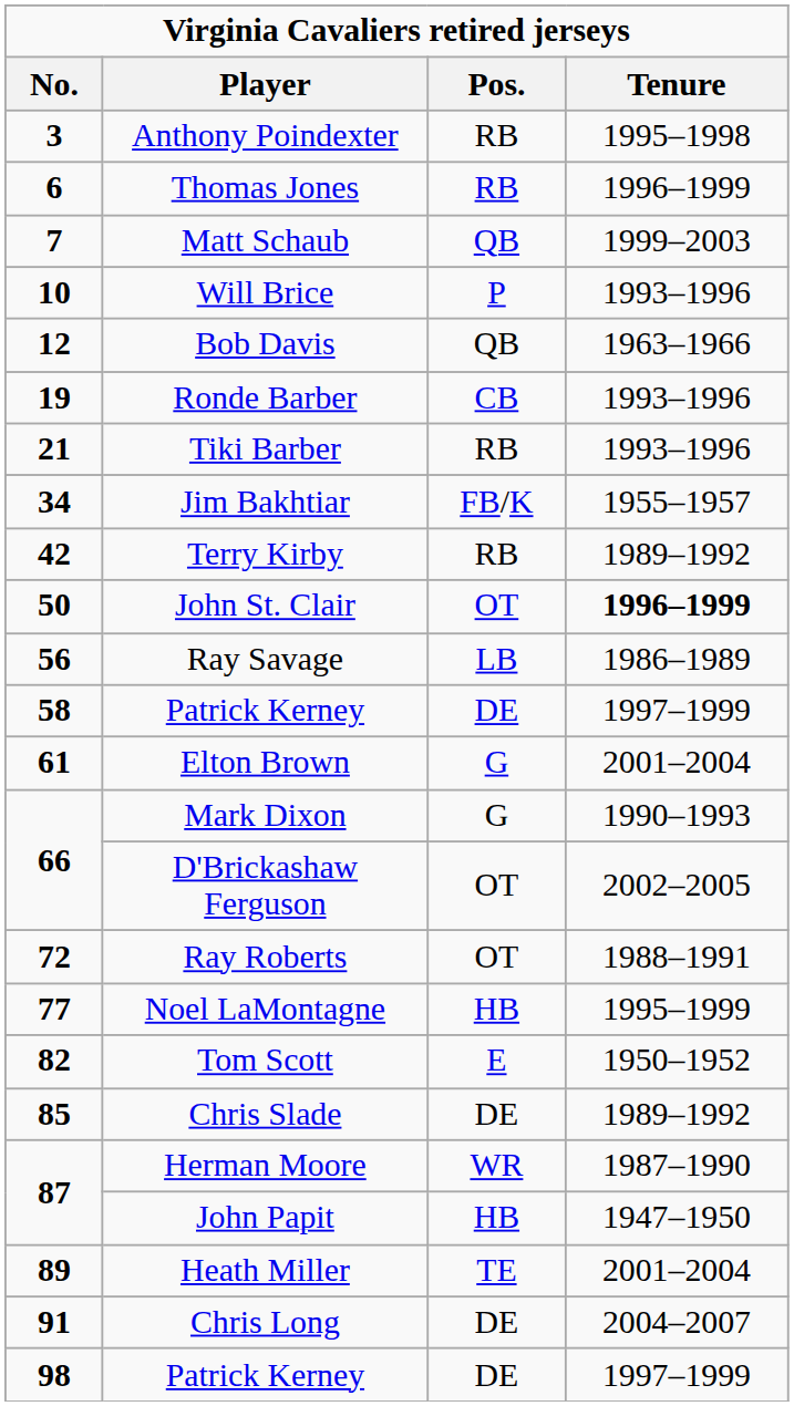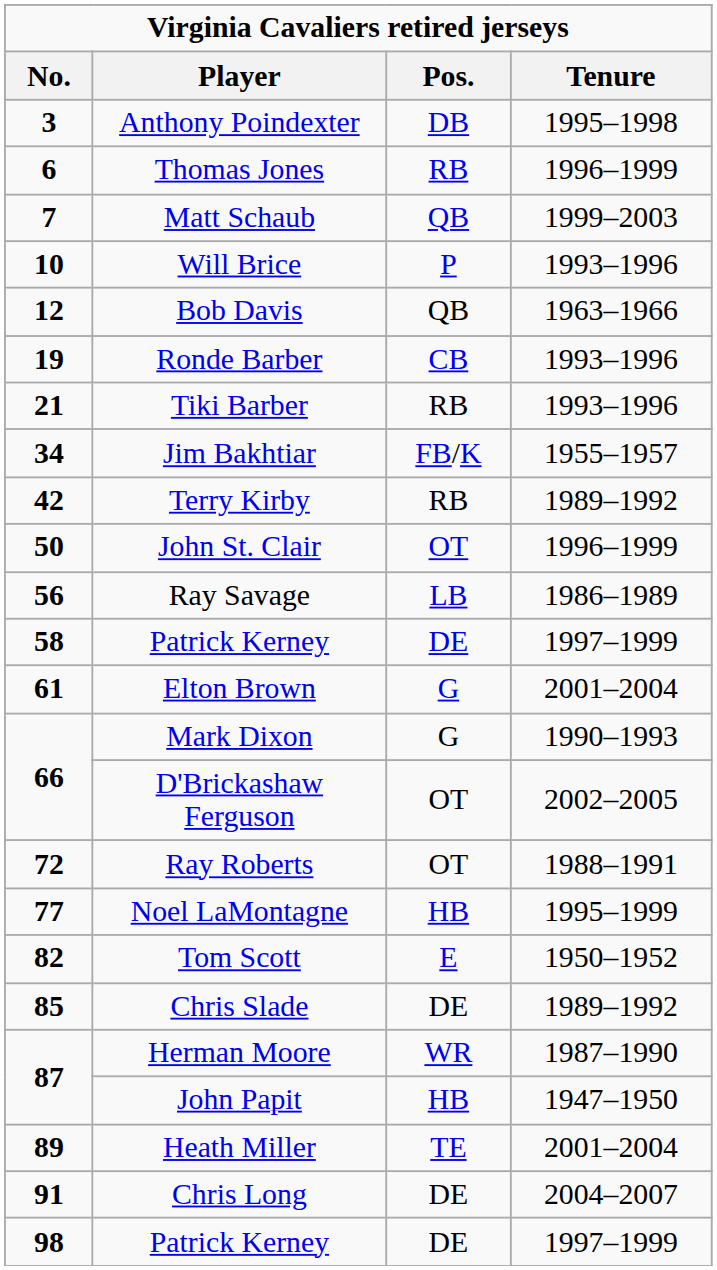 <table class="wikitable sortable" style="text-align:center">
 <tr>
 <td colspan="4"><strong>Virginia Cavaliers retired jerseys</strong></td>
 </tr>
 <tr>
 <th style="width:40px; ">No.</th>
 <th style="width:150px; ">Player</th>
 <th style="width:60px; ">Pos.</th>
 <th style="width:100px; ">Tenure</th>
 </tr>
 <tr>
 <td><strong>3</strong></td>
 <td><a href='#'>Anthony Poindexter</a></td>
-<td>RB</td>
+<td><a href='#'>DB</a></td>
 <td>1995–1998</td>
 </tr>
 <tr>
 <td><strong>6</strong></td>
 <td><a href='#'>Thomas Jones</a></td>
 <td><a href='#'>RB</a></td>
 <td>1996–1999</td>
 </tr>
 <tr>
 <td><strong>7</strong></td>
 <td><a href='#'>Matt Schaub</a></td>
 <td><a href='#'>QB</a></td>
 <td>1999–2003</td>
 </tr>
 <tr>
 <td><strong>10</strong></td>
 <td><a href='#'>Will Brice</a></td>
 <td><a href='#'>P</a></td>
 <td>1993–1996</td>
 </tr>
 <tr>
 <td><strong>12</strong></td>
 <td><a href='#'>Bob Davis</a></td>
 <td>QB</td>
 <td>1963–1966</td>
 </tr>
 <tr>
 <td><strong>19</strong></td>
 <td><a href='#'>Ronde Barber</a></td>
 <td><a href='#'>CB</a></td>
 <td>1993–1996</td>
 </tr>
 <tr>
 <td><strong>21</strong></td>
 <td><a href='#'>Tiki Barber</a></td>
 <td>RB</td>
 <td>1993–1996</td>
 </tr>
 <tr>
 <td><strong>34</strong></td>
 <td><a href='#'>Jim Bakhtiar</a></td>
 <td><a href='#'>FB</a>/<a href='#'>K</a></td>
 <td>1955–1957</td>
 </tr>
 <tr>
 <td><strong>42</strong></td>
 <td><a href='#'>Terry Kirby</a></td>
 <td>RB</td>
 <td>1989–1992</td>
 </tr>
 <tr>
 <td><strong>50</strong></td>
 <td><a href='#'>John St. Clair</a></td>
 <td><a href='#'>OT</a></td>
-<td><strong>1996–1999</strong></td>
+<td>1996–1999</td>
 </tr>
 <tr>
 <td><strong>56</strong></td>
 <td>Ray Savage</td>
 <td><a href='#'>LB</a></td>
 <td>1986–1989</td>
 </tr>
 <tr>
 <td><strong>58</strong></td>
 <td><a href='#'>Patrick Kerney</a></td>
 <td><a href='#'>DE</a></td>
 <td>1997–1999</td>
 </tr>
 <tr>
 <td><strong>61</strong></td>
 <td><a href='#'>Elton Brown</a></td>
 <td><a href='#'>G</a></td>
 <td>2001–2004</td>
 </tr>
 <tr>
 <td rowspan="2"><strong>66</strong></td>
 <td><a href='#'>Mark Dixon</a></td>
 <td>G</td>
 <td>1990–1993</td>
 </tr>
 <tr>
 <td><a href='#'>D'Brickashaw Ferguson</a></td>
 <td>OT</td>
 <td>2002–2005</td>
 </tr>
 <tr>
 <td><strong>72</strong></td>
 <td><a href='#'>Ray Roberts</a></td>
 <td>OT</td>
 <td>1988–1991</td>
 </tr>
 <tr>
 <td><strong>77</strong></td>
 <td><a href='#'>Noel LaMontagne</a></td>
 <td><a href='#'>HB</a></td>
 <td>1995–1999</td>
 </tr>
 <tr>
 <td><strong>82</strong></td>
 <td><a href='#'>Tom Scott</a></td>
 <td><a href='#'>E</a></td>
 <td>1950–1952</td>
 </tr>
 <tr>
 <td><strong>85</strong></td>
 <td><a href='#'>Chris Slade</a></td>
 <td>DE</td>
 <td>1989–1992</td>
 </tr>
 <tr>
 <td rowspan="2"><strong>87</strong></td>
 <td><a href='#'>Herman Moore</a></td>
 <td><a href='#'>WR</a></td>
 <td>1987–1990</td>
 </tr>
 <tr>
 <td><a href='#'>John Papit</a></td>
 <td><a href='#'>HB</a></td>
 <td>1947–1950</td>
 </tr>
 <tr>
 <td><strong>89</strong></td>
 <td><a href='#'>Heath Miller</a></td>
 <td><a href='#'>TE</a></td>
 <td>2001–2004</td>
 </tr>
 <tr>
 <td><strong>91</strong></td>
 <td><a href='#'>Chris Long</a></td>
 <td>DE</td>
 <td>2004–2007</td>
 </tr>
 <tr>
 <td><strong>98</strong></td>
 <td><a href='#'>Patrick Kerney</a></td>
 <td>DE</td>
 <td>1997–1999</td>
 </tr>
 </table>
